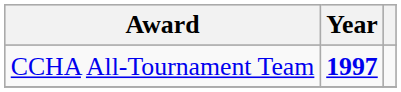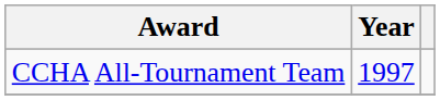 <table class="wikitable">
 <tr>
 <th>Award</th>
 <th>Year</th>
 <th></th>
 </tr>
 <tr>
 <td><a href='#'>CCHA</a> <a href='#'>All-Tournament Team</a></td>
-<td><strong><a href='#'>1997</a></strong></td>
+<td><a href='#'>1997</a></td>
 <td></td>
 </tr>
 <tr>
 </tr>
 </table>
